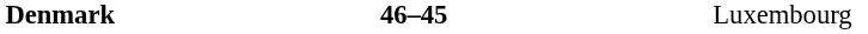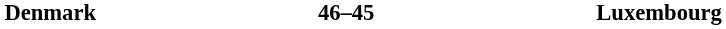 <table width=75% cellspacing=1>
 <tr>
 <th width=25%></th>
 <th width=25%></th>
 <th width=25%></th>
 </tr>
 <tr style=font-size:90%>
 <td align=right><strong>Denmark</strong></td>
 <td align=center><strong>46–45</strong></td>
-<td>Luxembourg</td>
+<td><strong>Luxembourg</strong></td>
 </tr>
 </table>
